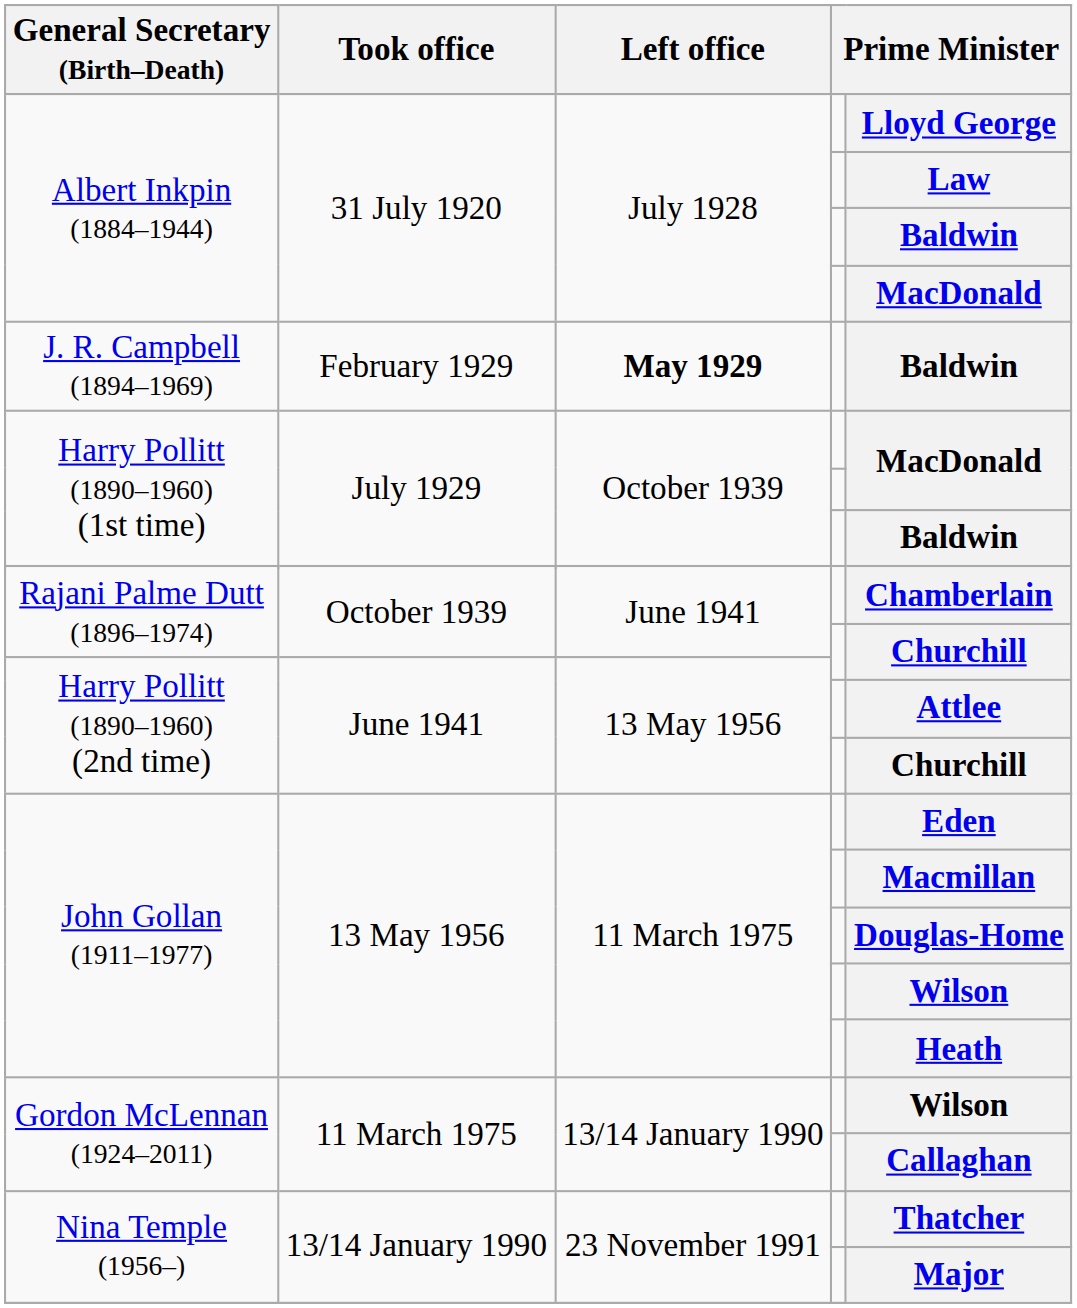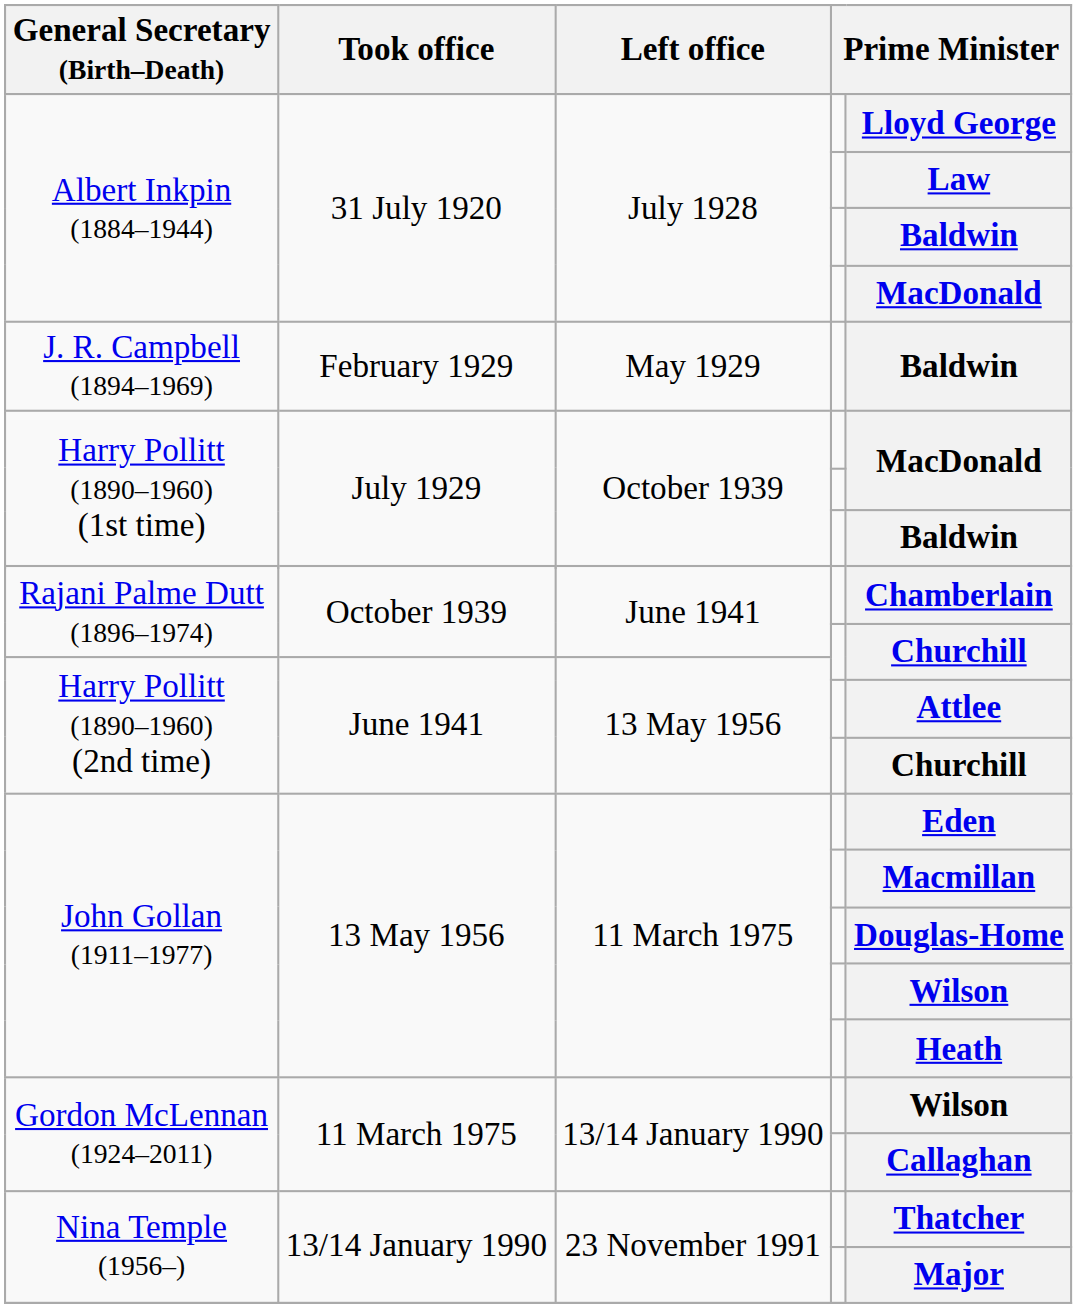 <table class="wikitable" style="text-align:center">
 <tr>
 <th>General Secretary<br><small>(Birth–Death)</small></th>
 <th>Took office</th>
 <th>Left office</th>
 <th colspan="2">Prime Minister<br> </th>
 </tr>
 <tr>
 <td rowspan="5"><a href='#'>Albert Inkpin</a><br><small>(1884–1944)</small></td>
 <td rowspan="5">31 July 1920</td>
 <td rowspan="5">July 1928</td>
 <td height=20 style="background-color: "></td>
 <th style="font weight:normal"><a href='#'>Lloyd George</a> <br></th>
 </tr>
 <tr>
 <td height=20 style="background-color: "></td>
 <th style="font weight:normal"><a href='#'>Law</a> <br></th>
 </tr>
 <tr>
 <td height=20 style="background-color: "></td>
 <th style="font weight:normal"><a href='#'>Baldwin</a> <br></th>
 </tr>
 <tr>
 <td height=20 style="background-color: "></td>
 <th style="font weight:normal"><a href='#'>MacDonald</a> <br></th>
 </tr>
 <tr>
 <td rowspan=2 height=20 style="background-color: "></td>
 <th rowspan=2 style="font weight:normal">Baldwin <br></th>
 </tr>
 <tr>
 <td><a href='#'>J. R. Campbell</a><br><small>(1894–1969)</small></td>
 <td>February 1929</td>
-<td><strong>May 1929</strong></td>
+<td>May 1929</td>
 </tr>
 <tr>
 <td rowspan="4"><a href='#'>Harry Pollitt</a><br><small>(1890–1960)</small><br>(1st time)</td>
 <td rowspan="4">July 1929</td>
 <td rowspan="4">October 1939</td>
 <td height=20 style="background-color: "></td>
 <th style="font weight:normal" rowspan="2">MacDonald <br></th>
 </tr>
 <tr>
 <td height=13 style="background-color: "></td>
 </tr>
 <tr>
 <td height=20 style="background-color: "></td>
 <th style="font weight:normal">Baldwin <br></th>
 </tr>
 <tr>
 <td rowspan="2" height="20" style="background-color: "></td>
 <th style="font weight:normal" rowspan="2"><a href='#'>Chamberlain</a> <br></th>
 </tr>
 <tr>
 <td rowspan="2"><a href='#'>Rajani Palme Dutt</a><br><small>(1896–1974)</small></td>
 <td rowspan="2">October 1939</td>
 <td rowspan="2">June 1941</td>
 </tr>
 <tr>
 <td rowspan="2" height="20" style="background-color: "></td>
 <th style="font weight:normal" rowspan="2"><a href='#'>Churchill</a> <br></th>
 </tr>
 <tr>
 <td rowspan="4"><a href='#'>Harry Pollitt</a><br><small>(1890–1960)</small><br>(2nd time)</td>
 <td rowspan="4">June 1941</td>
 <td rowspan="4">13 May 1956</td>
 </tr>
 <tr>
 <td height=20 style="background-color: "></td>
 <th style="font weight:normal"><a href='#'>Attlee</a> <br></th>
 </tr>
 <tr>
 <td height=20 style="background-color: "></td>
 <th style="font weight:normal">Churchill <br></th>
 </tr>
 <tr>
 <td rowspan="2" height="20" style="background-color: "></td>
 <th style="font weight:normal" rowspan="2"><a href='#'>Eden</a> <br></th>
 </tr>
 <tr>
 <td rowspan="6"><a href='#'>John Gollan</a><br><small>(1911–1977)</small></td>
 <td rowspan="6">13 May 1956</td>
 <td rowspan="6">11 March 1975</td>
 </tr>
 <tr>
 <td height=20 style="background-color: "></td>
 <th style="font weight:normal"><a href='#'>Macmillan</a> <br></th>
 </tr>
 <tr>
 <td height=20 style="background-color: "></td>
 <th style="font weight:normal"><a href='#'>Douglas-Home</a> <br></th>
 </tr>
 <tr>
 <td height=20 style="background-color: "></td>
 <th style="font weight:normal"><a href='#'>Wilson</a> <br></th>
 </tr>
 <tr>
 <td height=20 style="background-color: "></td>
 <th style="font weight:normal"><a href='#'>Heath</a> <br></th>
 </tr>
 <tr>
 <td rowspan="2" height="20" style="background-color: "></td>
 <th style="font weight:normal" rowspan="2">Wilson <br></th>
 </tr>
 <tr>
 <td rowspan="3"><a href='#'>Gordon McLennan</a> <br><small>(1924–2011)</small></td>
 <td rowspan="3">11 March 1975</td>
 <td rowspan="3">13/14 January 1990</td>
 </tr>
 <tr>
 <td height=20 style="background-color: "></td>
 <th style="font weight:normal"><a href='#'>Callaghan</a> <br></th>
 </tr>
 <tr>
 <td rowspan="2" height="20" style="background-color: "></td>
 <th style="font weight:normal" rowspan="2"><a href='#'>Thatcher</a> <br></th>
 </tr>
 <tr>
 <td rowspan="2"><a href='#'>Nina Temple</a><br><small>(1956–)</small></td>
 <td rowspan="2">13/14 January 1990</td>
 <td rowspan="2">23 November 1991</td>
 </tr>
 <tr>
 <td height=20 style="background-color: "></td>
 <th style="font weight:normal" rowspan="2"><a href='#'>Major</a> <br></th>
 </tr>
 <tr>
 </tr>
 </table>
